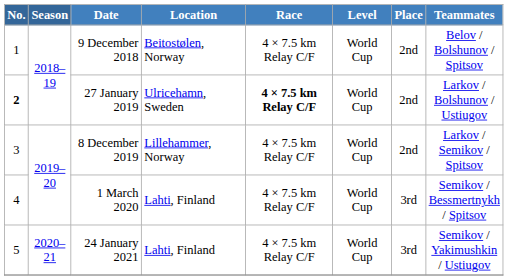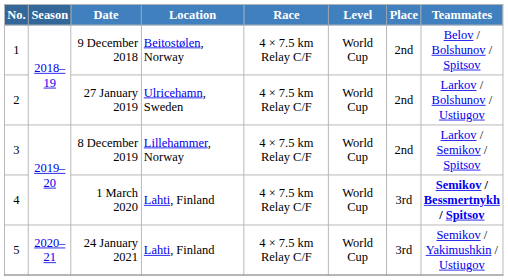 <table class="wikitable sortable" style="font-size:95%; text-align:center; border:grey solid 1px; border-collapse:collapse; background:#ffffff;">
 <tr style="background:#efefef;">
 <th style="background-color:#369; color:white;">No.</th>
 <th style="background-color:#369; color:white;">Season</th>
 <th style="background-color:#4180be; color:white; width:100px;">Date</th>
 <th style="background-color:#4180be; color:white; width:170px;">Location</th>
 <th style="background-color:#4180be; color:white; width:170px;">Race</th>
 <th style="background-color:#4180be; color:white; width:100px;">Level</th>
 <th style="background-color:#4180be; color:white;">Place</th>
 <th style="background-color:#4180be; color:white;">Teammates</th>
 </tr>
 <tr>
 <td align=center>1</td>
 <td rowspan=2 align=center><a href='#'>2018–19</a></td>
 <td align=right>9 December 2018</td>
 <td align=left> <a href='#'>Beitostølen</a>, Norway</td>
 <td>4 × 7.5 km Relay C/F</td>
 <td>World Cup</td>
 <td>2nd</td>
 <td><a href='#'>Belov</a> / <a href='#'>Bolshunov</a> / <a href='#'>Spitsov</a></td>
 </tr>
 <tr>
-<td align=center><strong>2</strong></td>
+<td align=center>2</td>
 <td align=right>27 January 2019</td>
 <td align=left> <a href='#'>Ulricehamn</a>, Sweden</td>
-<td><strong>4 × 7.5 km Relay C/F</strong></td>
+<td>4 × 7.5 km Relay C/F</td>
 <td>World Cup</td>
 <td>2nd</td>
 <td><a href='#'>Larkov</a> / <a href='#'>Bolshunov</a> / <a href='#'>Ustiugov</a></td>
 </tr>
 <tr>
 <td align=center>3</td>
 <td rowspan=2 align=center><a href='#'>2019–20</a></td>
 <td align=right>8 December 2019</td>
 <td align=left> <a href='#'>Lillehammer</a>, Norway</td>
 <td>4 × 7.5 km Relay C/F</td>
 <td>World Cup</td>
 <td>2nd</td>
 <td><a href='#'>Larkov</a> / <a href='#'>Semikov</a> / <a href='#'>Spitsov</a></td>
 </tr>
 <tr>
 <td align=center>4</td>
 <td align=right>1 March 2020</td>
 <td align=left> <a href='#'>Lahti</a>, Finland</td>
 <td>4 × 7.5 km Relay C/F</td>
 <td>World Cup</td>
 <td>3rd</td>
-<td><a href='#'>Semikov</a> / <a href='#'>Bessmertnykh</a> / <a href='#'>Spitsov</a></td>
+<td><strong><a href='#'>Semikov</a> / <a href='#'>Bessmertnykh</a> / <a href='#'>Spitsov</a></strong></td>
 </tr>
 <tr>
 <td align=center>5</td>
 <td rowspan=1 align=center><a href='#'>2020–21</a></td>
 <td align=right>24 January 2021</td>
 <td align=left> <a href='#'>Lahti</a>, Finland</td>
 <td>4 × 7.5 km Relay C/F</td>
 <td>World Cup</td>
 <td>3rd</td>
 <td><a href='#'>Semikov</a> / <a href='#'>Yakimushkin</a> / <a href='#'>Ustiugov</a></td>
 </tr>
 <tr>
 </tr>
 </table>
